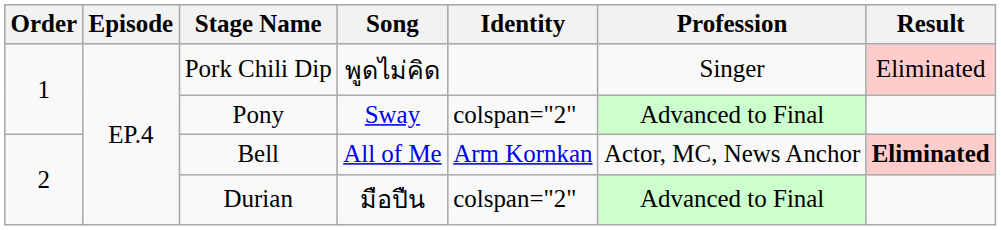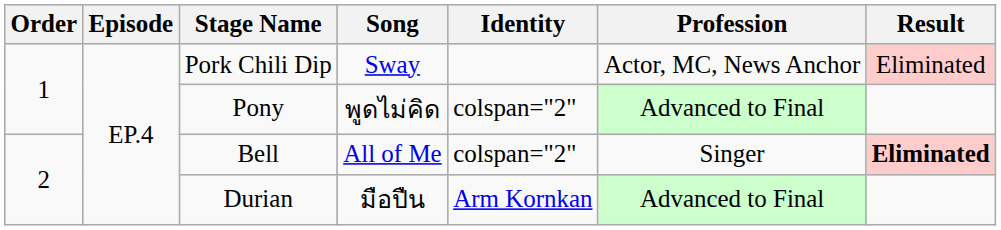 <table class="wikitable">
 <tr>
 <th>Order</th>
 <th>Episode</th>
 <th>Stage Name</th>
 <th>Song</th>
 <th>Identity</th>
 <th>Profession</th>
 <th>Result</th>
 </tr>
 <tr>
 <td rowspan="2" align="center">1</td>
 <td rowspan="4" align="center">EP.4</td>
 <td align="center">Pork Chili Dip</td>
-<td align="center">พูดไม่คิด</td>
+<td align="center"><a href='#'>Sway</a></td>
 <td align="center"></td>
-<td align="center">Singer</td>
+<td align="center">Actor, MC, News Anchor</td>
 <td align="center" style="background:#ffcccc">Eliminated</td>
 </tr>
 <tr>
 <td align="center">Pony</td>
-<td align="center"><a href='#'>Sway</a></td>
+<td align="center">พูดไม่คิด</td>
 <td>colspan="2" </td>
 <td align="center" style="background:#ccffcc">Advanced to Final</td>
 </tr>
 <tr>
 <td rowspan="2" align="center">2</td>
 <td align="center">Bell</td>
 <td align="center"><a href='#'>All of Me</a></td>
-<td align="center"><a href='#'>Arm Kornkan</a></td>
-<td align="center">Actor, MC, News Anchor</td>
+<td>colspan="2" </td>
+<td align="center">Singer</td>
 <td align="center" style="background:#ffcccc"><strong>Eliminated</strong></td>
 </tr>
 <tr>
 <td align="center">Durian</td>
 <td align="center">มือปืน</td>
-<td>colspan="2" </td>
+<td align="center"><a href='#'>Arm Kornkan</a></td>
 <td align="center" style="background:#ccffcc">Advanced to Final</td>
 </tr>
 </table>
